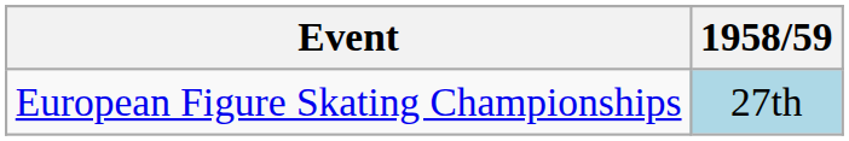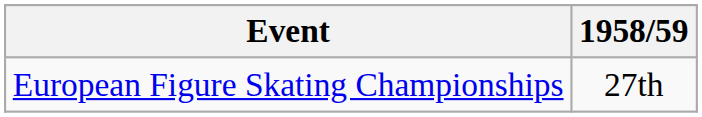 <table class="wikitable" style="text-align:center">
 <tr>
 </tr>
 <tr>
 <th>Event</th>
 <th>1958/59</th>
 </tr>
 <tr>
 <td align=left><a href='#'>European Figure Skating Championships</a></td>
-<td style="background: lightblue;">27th</td>
+<td>27th</td>
 </tr>
 </table>
